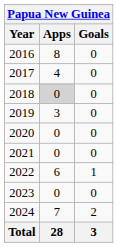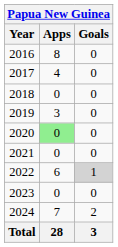 <table class="wikitable" style="text-align:center">
 <tr>
 <th colspan=3><a href='#'>Papua New Guinea</a></th>
 </tr>
 <tr>
 <th>Year</th>
 <th>Apps</th>
 <th>Goals</th>
 </tr>
 <tr>
 <td>2016</td>
 <td>8</td>
 <td>0</td>
 </tr>
 <tr>
 <td>2017</td>
 <td>4</td>
 <td>0</td>
 </tr>
 <tr>
 <td>2018</td>
-<td style="background: lightgrey;">0</td>
+<td>0</td>
 <td>0</td>
 </tr>
 <tr>
 <td>2019</td>
 <td>3</td>
 <td>0</td>
 </tr>
 <tr>
 <td>2020</td>
-<td>0</td>
+<td style="background: lightgreen;">0</td>
 <td>0</td>
 </tr>
 <tr>
 <td>2021</td>
 <td>0</td>
 <td>0</td>
 </tr>
 <tr>
 <td>2022</td>
 <td>6</td>
-<td>1</td>
+<td style="background: lightgrey;">1</td>
 </tr>
 <tr>
 <td>2023</td>
 <td>0</td>
 <td>0</td>
 </tr>
 <tr>
 <td>2024</td>
 <td>7</td>
 <td>2</td>
 </tr>
 <tr>
 <th>Total</th>
 <th>28</th>
 <th>3</th>
 </tr>
 </table>
